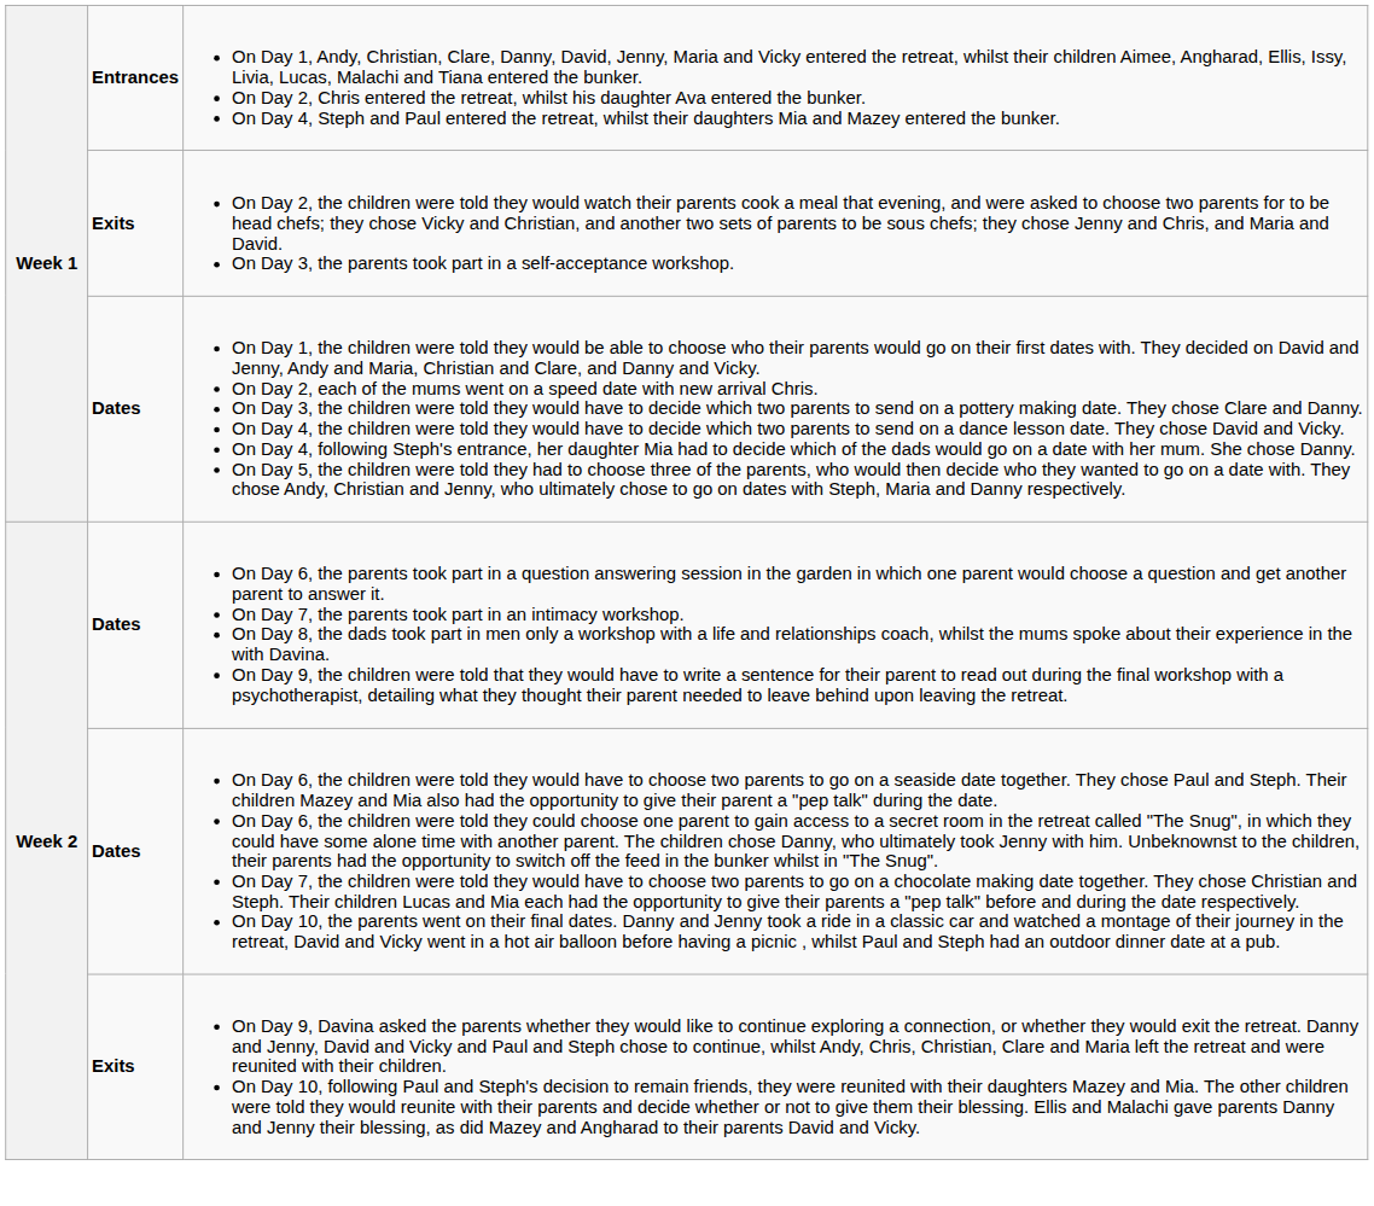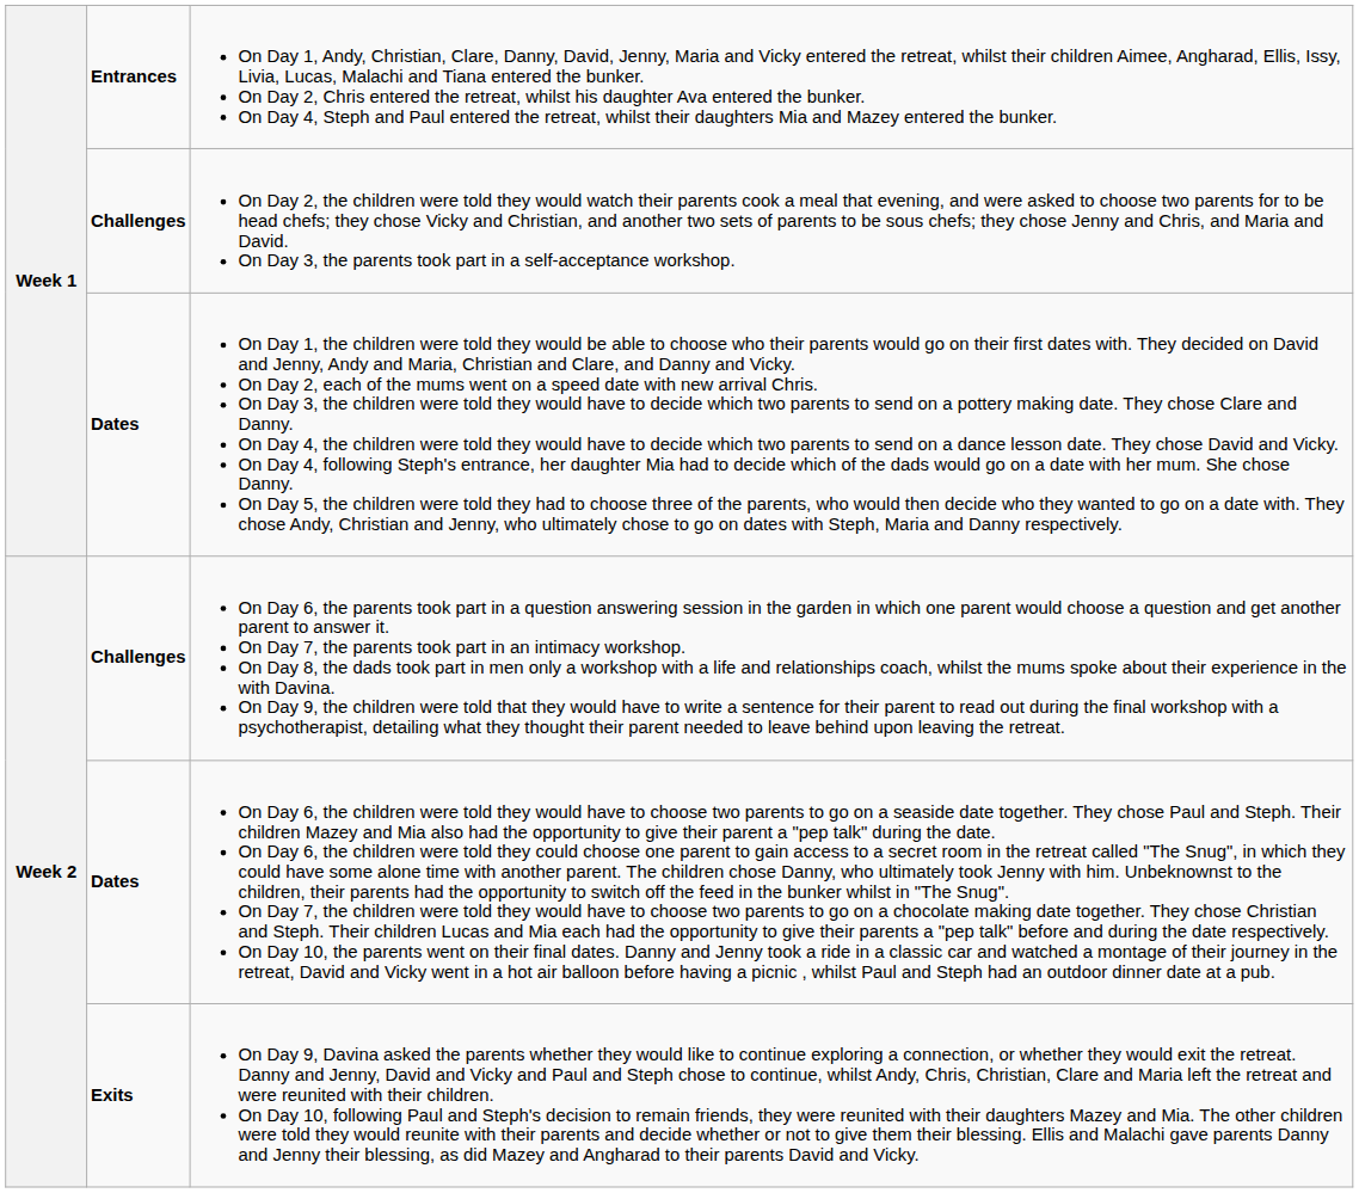 <table class="wikitable mw-collapsible mw-collapsed" style="width: 96%; margin-left: auto; margin-right: auto;">
 <tr>
 <th rowspan=3 style="width: 6%;">Week 1</th>
 <td><strong>Entrances</strong></td>
 <td><br><ul><li>On Day 1, Andy, Christian, Clare, Danny, David, Jenny, Maria and Vicky entered the retreat, whilst their children Aimee, Angharad, Ellis, Issy, Livia, Lucas, Malachi and Tiana entered the bunker.</li><li>On Day 2, Chris entered the retreat, whilst his daughter Ava entered the bunker.</li><li>On Day 4, Steph and Paul entered the retreat, whilst their daughters Mia and Mazey entered the bunker.</li></ul></td>
 </tr>
 <tr>
-<td><strong>Exits</strong></td>
+<td><strong>Challenges</strong></td>
 <td><br><ul><li>On Day 2, the children were told they would watch their parents cook a meal that evening, and were asked to choose two parents for to be head chefs; they chose Vicky and Christian, and another two sets of parents to be sous chefs; they chose Jenny and Chris, and Maria and David.</li><li>On Day 3, the parents took part in a self-acceptance workshop.</li></ul></td>
 </tr>
 <tr>
 <td><strong>Dates</strong></td>
 <td><br><ul><li>On Day 1, the children were told they would be able to choose who their parents would go on their first dates with. They decided on David and Jenny, Andy and Maria, Christian and Clare, and Danny and Vicky.</li><li>On Day 2, each of the mums went on a speed date with new arrival Chris.</li><li>On Day 3, the children were told they would have to decide which two parents to send on a pottery making date. They chose Clare and Danny.</li><li>On Day 4, the children were told they would have to decide which two parents to send on a dance lesson date. They chose David and Vicky.</li><li>On Day 4, following Steph's entrance, her daughter Mia had to decide which of the dads would go on a date with her mum. She chose Danny.</li><li>On Day 5, the children were told they had to choose three of the parents, who would then decide who they wanted to go on a date with. They chose Andy, Christian and Jenny, who ultimately chose to go on dates with Steph, Maria and Danny respectively.</li></ul></td>
 </tr>
 <tr>
 <th rowspan=3 style="width: 6%;">Week 2</th>
-<td><strong>Dates</strong></td>
+<td><strong>Challenges</strong></td>
 <td><br><ul><li>On Day 6, the parents took part in a question answering session in the garden in which one parent would choose a question and get another parent to answer it.</li><li>On Day 7, the parents took part in an intimacy workshop.</li><li>On Day 8, the dads took part in men only a workshop with a life and relationships coach, whilst the mums spoke about their experience in the with Davina.</li><li>On Day 9, the children were told that  they would have to write a sentence for their parent to read out during the final workshop with a psychotherapist, detailing what they thought their parent needed to leave behind upon leaving the retreat.</li></ul></td>
 </tr>
 <tr>
 <td><strong>Dates</strong></td>
 <td><br><ul><li>On Day 6, the children were told they would have to choose two parents to go on a seaside date together. They chose Paul and Steph. Their children Mazey and Mia also had the opportunity to give their parent a "pep talk" during the date.</li><li>On Day 6, the children were told they could choose one parent to gain access to a secret room in the retreat called "The Snug", in which they could have some alone time with another parent. The children chose Danny, who ultimately took Jenny with him. Unbeknownst to the children, their parents had the opportunity to switch off the feed in the bunker whilst in "The Snug".</li><li>On Day 7, the children were told they would have to choose two parents to go on a chocolate making date together. They chose Christian and Steph. Their children Lucas and Mia each had the opportunity to give their parents a "pep talk" before and during the date respectively.</li><li>On Day 10, the parents went on their final dates. Danny and Jenny took a ride in a classic car and watched a montage of their journey in the retreat, David and Vicky went in a hot air balloon before having a picnic , whilst Paul and Steph had an outdoor dinner date at a pub.</li></ul></td>
 </tr>
 <tr>
 <td><strong>Exits</strong></td>
 <td><br><ul><li>On Day 9, Davina asked the parents whether they would like to continue exploring a connection, or whether they would exit the retreat. Danny and Jenny, David and Vicky and Paul and Steph chose to continue, whilst Andy, Chris, Christian, Clare and Maria left the retreat and were reunited with their children.</li><li>On Day 10, following Paul and Steph's decision to remain friends, they were reunited with their daughters Mazey and Mia. The other children were told they would reunite with their parents and decide whether or not to give them their blessing. Ellis and Malachi gave parents Danny and Jenny their blessing, as did Mazey and Angharad to their parents David and Vicky.</li></ul></td>
 </tr>
 </table>
